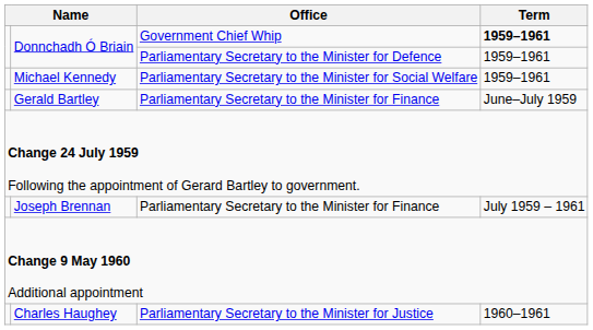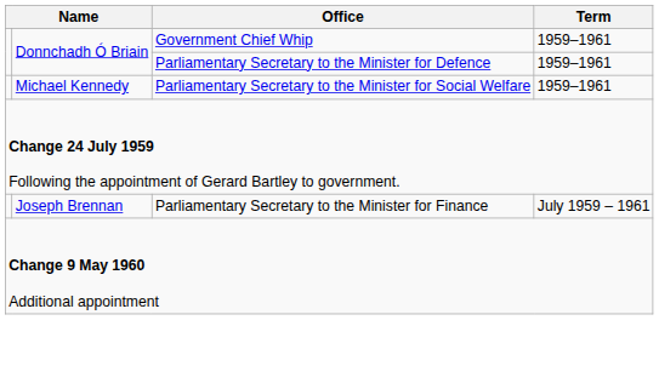 <table class="wikitable">
 <tr>
 <th colspan="2">Name</th>
 <th>Office</th>
 <th>Term</th>
 </tr>
 <tr>
 <td rowspan="2" style="background-color: "></td>
 <td rowspan="2"><a href='#'>Donnchadh Ó Briain</a></td>
 <td><a href='#'>Government Chief Whip</a></td>
-<td><strong>1959–1961</strong></td>
+<td>1959–1961</td>
 </tr>
 <tr>
 <td><a href='#'>Parliamentary Secretary to the Minister for Defence</a></td>
 <td>1959–1961</td>
 </tr>
 <tr>
 <td style="background-color: "></td>
 <td><a href='#'>Michael Kennedy</a></td>
 <td><a href='#'>Parliamentary Secretary to the Minister for Social Welfare</a></td>
 <td>1959–1961</td>
-</tr>
-<tr>
-<td style="background-color: "></td>
-<td><a href='#'>Gerald Bartley</a></td>
-<td><a href='#'>Parliamentary Secretary to the Minister for Finance</a></td>
-<td>June–July 1959</td>
 </tr>
 <tr>
 <td colspan=4><br><h4>Change 24 July 1959</h4>Following the appointment of Gerard Bartley to government.</td>
 </tr>
 <tr>
 <td style="background-color: "></td>
 <td><a href='#'>Joseph Brennan</a></td>
 <td>Parliamentary Secretary to the Minister for Finance</td>
 <td>July 1959 – 1961</td>
 </tr>
 <tr>
 <td colspan=4><br><h4>Change 9 May 1960</h4>Additional appointment</td>
 </tr>
-<tr>
-<td style="background-color: "></td>
-<td><a href='#'>Charles Haughey</a></td>
-<td><a href='#'>Parliamentary Secretary to the Minister for Justice</a></td>
-<td>1960–1961</td>
-</tr>
 </table>
